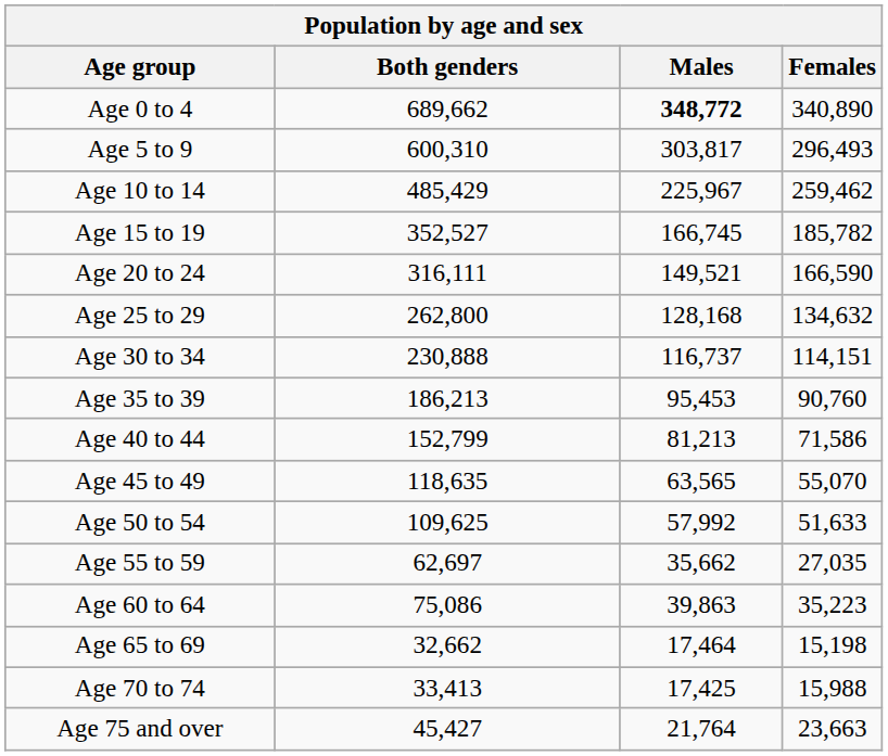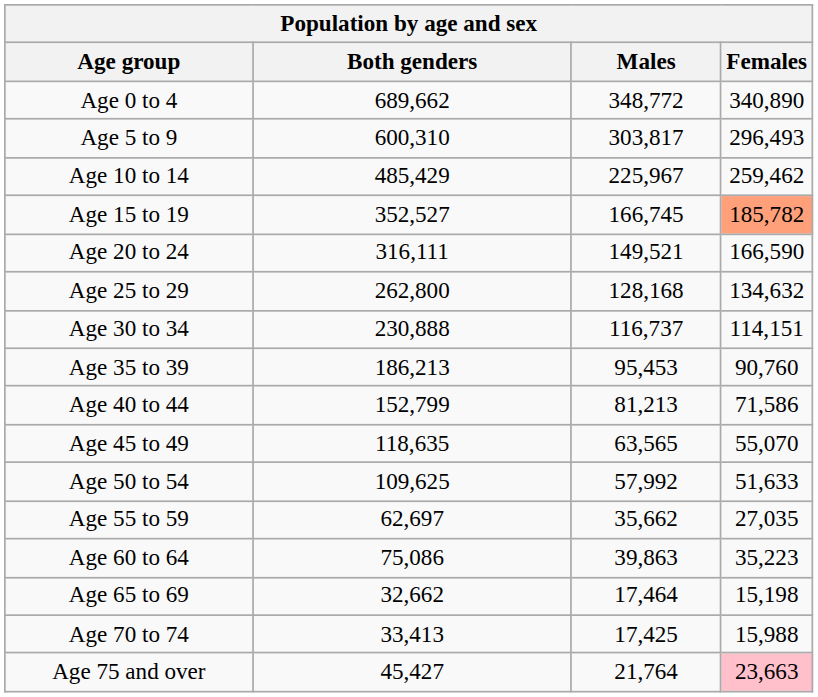 <table class="wikitable" id="cx223" style="text-align: center; margin-right: 8px; font-size: 85%; margin-bottom: 10px;" width="24%">
 <tr>
 <th colspan="8">Population by age and sex</th>
 </tr>
 <tr>
 <th width="35%">Age group</th>
 <th width="45%">Both genders</th>
 <th width="45%">Males</th>
 <th width="45%">Females</th>
 </tr>
 <tr>
 <td>Age 0 to 4</td>
 <td align="center">689,662</td>
-<td align="center"><strong>348,772</strong></td>
+<td align="center">348,772</td>
 <td align="center">340,890</td>
 </tr>
 <tr>
 <td>Age 5 to 9</td>
 <td align="center">600,310</td>
 <td align="center">303,817</td>
 <td align="center">296,493</td>
 </tr>
 <tr>
 <td>Age 10 to 14</td>
 <td align="center">485,429</td>
 <td align="center">225,967</td>
 <td align="center">259,462</td>
 </tr>
 <tr>
 <td>Age 15 to 19</td>
 <td align="center">352,527</td>
 <td align="center">166,745</td>
-<td align="center">185,782</td>
+<td align="center" style="background: lightsalmon;">185,782</td>
 </tr>
 <tr>
 <td>Age 20 to 24</td>
 <td align="center">316,111</td>
 <td align="center">149,521</td>
 <td align="center">166,590</td>
 </tr>
 <tr>
 <td>Age 25 to 29</td>
 <td align="center">262,800</td>
 <td align="center">128,168</td>
 <td align="center">134,632</td>
 </tr>
 <tr>
 <td>Age 30 to 34</td>
 <td align="center">230,888</td>
 <td align="center">116,737</td>
 <td align="center">114,151</td>
 </tr>
 <tr>
 <td>Age 35 to 39</td>
 <td align="center">186,213</td>
 <td align="center">95,453</td>
 <td align="center">90,760</td>
 </tr>
 <tr>
 <td>Age 40 to 44</td>
 <td align="center">152,799</td>
 <td align="center">81,213</td>
 <td align="center">71,586</td>
 </tr>
 <tr>
 <td>Age 45 to 49</td>
 <td align="center">118,635</td>
 <td align="center">63,565</td>
 <td align="center">55,070</td>
 </tr>
 <tr>
 <td>Age 50 to 54</td>
 <td align="center">109,625</td>
 <td align="center">57,992</td>
 <td align="center">51,633</td>
 </tr>
 <tr>
 <td>Age 55 to 59</td>
 <td align="center">62,697</td>
 <td align="center">35,662</td>
 <td align="center">27,035</td>
 </tr>
 <tr>
 <td>Age 60 to 64</td>
 <td align="center">75,086</td>
 <td align="center">39,863</td>
 <td align="center">35,223</td>
 </tr>
 <tr>
 <td>Age 65 to 69</td>
 <td align="center">32,662</td>
 <td align="center">17,464</td>
 <td align="center">15,198</td>
 </tr>
 <tr>
 <td>Age 70 to 74</td>
 <td align="center">33,413</td>
 <td align="center">17,425</td>
 <td align="center">15,988</td>
 </tr>
 <tr>
 <td>Age 75 and over</td>
 <td align="center">45,427</td>
 <td align="center">21,764</td>
-<td align="center">23,663</td>
+<td align="center" style="background: pink;">23,663</td>
 </tr>
 </table>
